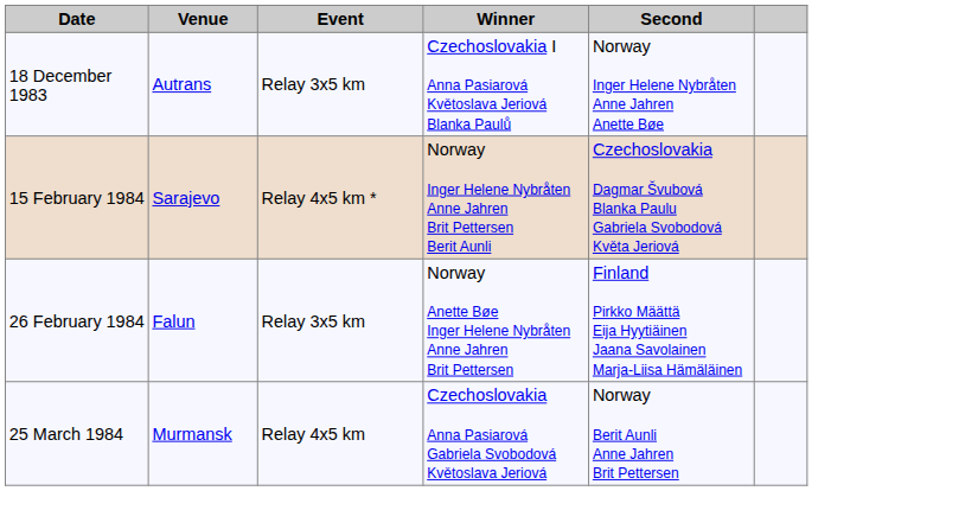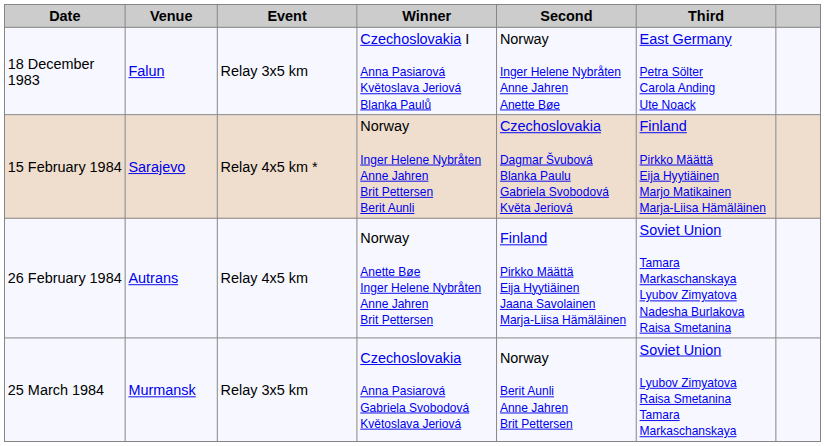 <table bgcolor="#f7f8ff" cellpadding="3" cellspacing="0" border="1" style="font-size: 95%; border: gray solid 1px; border-collapse: collapse;">
 <tr bgcolor="#CCCCCC">
 <td align="center" width="120"><strong>Date</strong></td>
 <td align="center" width="90"><strong>Venue</strong></td>
 <td align="center" width="140"><strong>Event</strong></td>
 <td align="center" width="140"><strong>Winner</strong></td>
 <td align="center" width="140"><strong>Second</strong></td>
+<td align="center" width="140"><strong>Third</strong></td>
 <td align="center" width="40"><strong></strong></td>
 </tr>
 <tr align="left">
 <td>18 December 1983</td>
-<td> <a href='#'>Autrans</a></td>
+<td> <a href='#'>Falun</a></td>
 <td>Relay 3x5 km</td>
 <td> <a href='#'>Czechoslovakia</a> I<br><br><small><a href='#'>Anna Pasiarová</a></small><br> <small><a href='#'>Květoslava Jeriová</a></small><br> <small><a href='#'>Blanka Paulů</a></small></td>
 <td> Norway<br><br><small><a href='#'>Inger Helene Nybråten</a></small><br> <small><a href='#'>Anne Jahren</a></small><br> <small><a href='#'>Anette Bøe</a></small></td>
+<td> <a href='#'>East Germany</a><br><br><small><a href='#'>Petra Sölter</a></small><br> <small><a href='#'>Carola Anding</a></small><br> <small><a href='#'>Ute Noack</a></small></td>
 <td></td>
 </tr>
 <tr align="left" bgcolor=#EFDECD>
 <td>15 February 1984</td>
 <td> <a href='#'>Sarajevo</a></td>
 <td>Relay 4x5 km *</td>
 <td> Norway<br><br><small><a href='#'>Inger Helene Nybråten</a></small><br> <small><a href='#'>Anne Jahren</a></small><br> <small><a href='#'>Brit Pettersen</a></small><br> <small><a href='#'>Berit Aunli</a></small><br></td>
 <td> <a href='#'>Czechoslovakia</a><br><br><small><a href='#'>Dagmar Švubová</a></small><br> <small><a href='#'>Blanka Paulu</a></small><br> <small><a href='#'>Gabriela Svobodová</a></small><br> <small><a href='#'>Květa Jeriová</a></small></td>
+<td> <a href='#'>Finland</a><br><br><small><a href='#'>Pirkko Määttä</a></small><br> <small><a href='#'>Eija Hyytiäinen</a></small><br> <small><a href='#'>Marjo Matikainen</a></small><br> <small><a href='#'>Marja-Liisa Hämäläinen</a></small></td>
 <td></td>
 </tr>
 <tr align="left">
 <td>26 February 1984</td>
-<td> <a href='#'>Falun</a></td>
-<td>Relay 3x5 km</td>
+<td> <a href='#'>Autrans</a></td>
+<td>Relay 4x5 km</td>
 <td> Norway<br><br><small><a href='#'>Anette Bøe</a></small><br> <small><a href='#'>Inger Helene Nybråten</a></small><br> <small><a href='#'>Anne Jahren</a></small><br> <small><a href='#'>Brit Pettersen</a></small><br></td>
 <td> <a href='#'>Finland</a><br><br><small><a href='#'>Pirkko Määttä</a></small><br> <small><a href='#'>Eija Hyytiäinen</a></small><br> <small><a href='#'>Jaana Savolainen</a></small><br> <small><a href='#'>Marja-Liisa Hämäläinen</a></small></td>
+<td> <a href='#'>Soviet Union</a><br><br><small><a href='#'>Tamara Markaschanskaya</a></small><br> <small><a href='#'>Lyubov Zimyatova</a></small><br> <small><a href='#'>Nadesha Burlakova</a></small><br> <small><a href='#'>Raisa Smetanina</a></small></td>
 <td></td>
 </tr>
 <tr align="left">
 <td>25 March 1984</td>
 <td> <a href='#'>Murmansk</a></td>
-<td>Relay 4x5 km</td>
+<td>Relay 3x5 km</td>
 <td> <a href='#'>Czechoslovakia</a><br><br><small><a href='#'>Anna Pasiarová</a></small><br> <small><a href='#'>Gabriela Svobodová</a></small><br> <small><a href='#'>Květoslava Jeriová</a></small></td>
 <td> Norway<br><br><small><a href='#'>Berit Aunli</a></small><br> <small><a href='#'>Anne Jahren</a></small><br> <small><a href='#'>Brit Pettersen</a></small></td>
+<td> <a href='#'>Soviet Union</a><br><br><small><a href='#'>Lyubov Zimyatova</a></small><br> <small><a href='#'>Raisa Smetanina</a></small><br> <small><a href='#'>Tamara Markaschanskaya</a></small></td>
 <td></td>
 </tr>
 </table>
